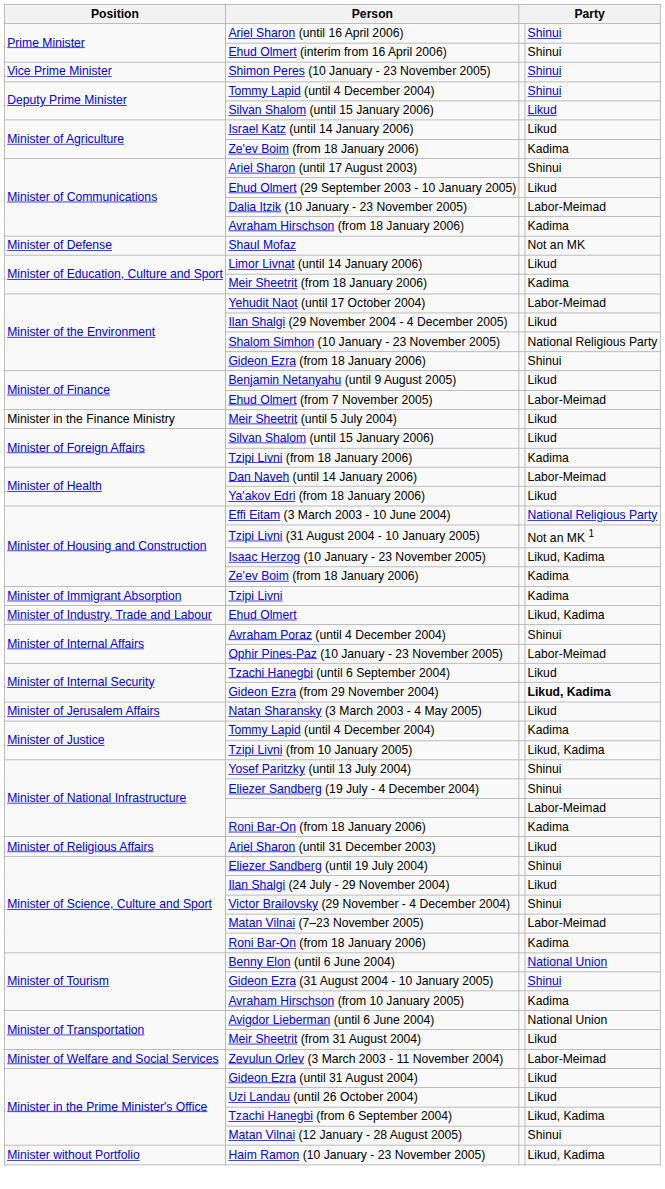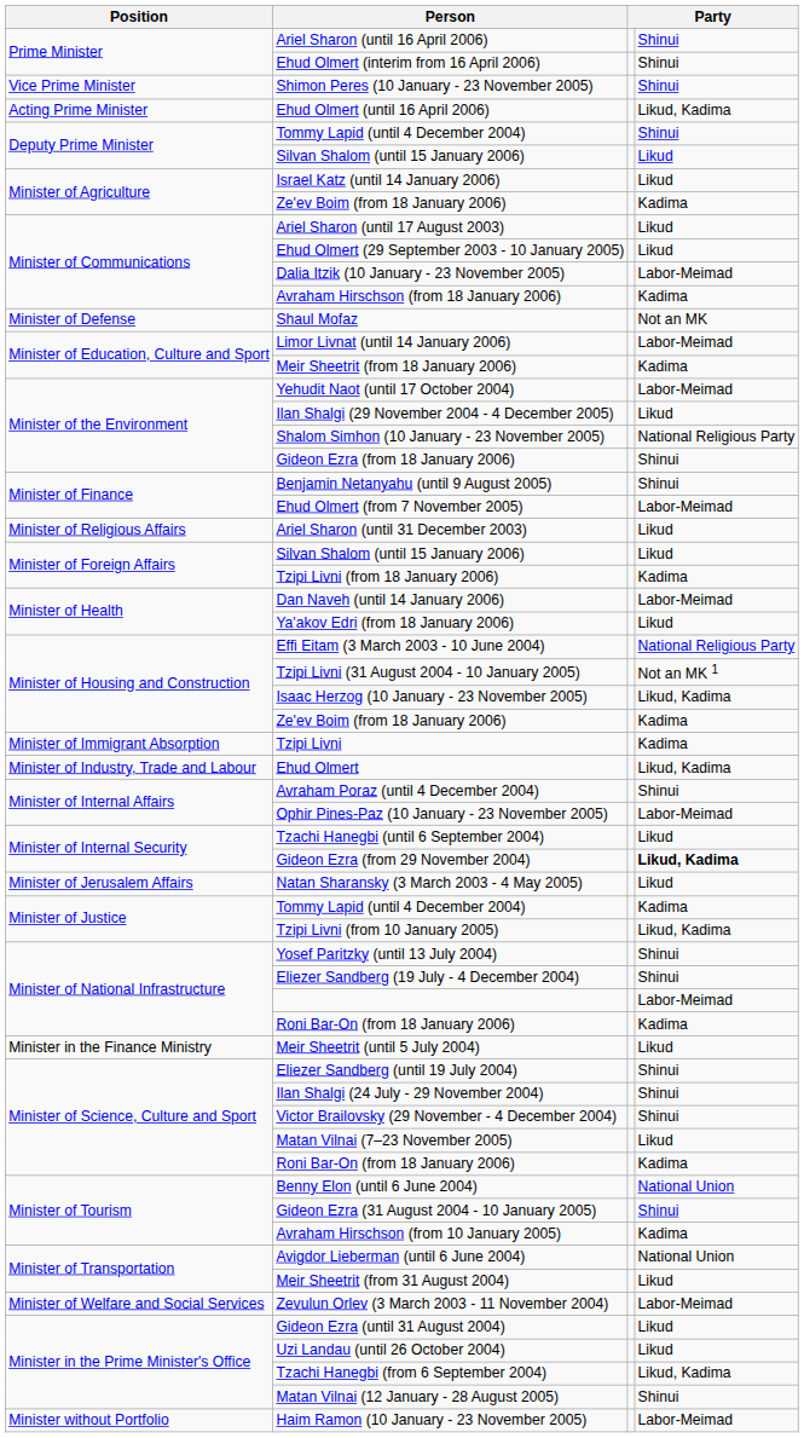 <table class=wikitable style="text-align:left">
 <tr>
 <th>Position</th>
 <th>Person</th>
 <th colspan=2>Party</th>
 </tr>
 <tr>
 <td rowspan=2><a href='#'>Prime Minister</a></td>
 <td><a href='#'>Ariel Sharon</a> (until 16 April 2006)</td>
 <td style="background:"></td>
 <td><a href='#'>Shinui</a></td>
 </tr>
 <tr>
 <td><a href='#'>Ehud Olmert</a> (interim from 16 April 2006)</td>
 <td style="background:"></td>
 <td>Shinui</td>
 </tr>
 <tr>
 <td><a href='#'>Vice Prime Minister</a></td>
 <td><a href='#'>Shimon Peres</a> (10 January - 23 November 2005)</td>
 <td style="background:"></td>
 <td><a href='#'>Shinui</a></td>
+</tr>
+<tr>
+<td><a href='#'>Acting Prime Minister</a></td>
+<td><a href='#'>Ehud Olmert</a> (until 16 April 2006)</td>
+<td style="background:"></td>
+<td>Likud, Kadima</td>
 </tr>
 <tr>
 <td rowspan=2><a href='#'>Deputy Prime Minister</a></td>
 <td><a href='#'>Tommy Lapid</a> (until 4 December 2004)</td>
 <td style="background:"></td>
 <td><a href='#'>Shinui</a></td>
 </tr>
 <tr>
 <td><a href='#'>Silvan Shalom</a> (until 15 January 2006)</td>
 <td style="background:"></td>
 <td><a href='#'>Likud</a></td>
 </tr>
 <tr>
 <td rowspan=2><a href='#'>Minister of Agriculture</a></td>
 <td><a href='#'>Israel Katz</a> (until 14 January 2006)</td>
 <td style="background:"></td>
 <td>Likud</td>
 </tr>
 <tr>
 <td><a href='#'>Ze'ev Boim</a> (from 18 January 2006)</td>
 <td style="background:"></td>
 <td>Kadima</td>
 </tr>
 <tr>
 <td rowspan=4><a href='#'>Minister of Communications</a></td>
 <td><a href='#'>Ariel Sharon</a> (until 17 August 2003)</td>
 <td style="background:"></td>
-<td>Shinui</td>
+<td>Likud</td>
 </tr>
 <tr>
 <td><a href='#'>Ehud Olmert</a> (29 September 2003 - 10 January 2005)</td>
 <td style="background:"></td>
 <td>Likud</td>
 </tr>
 <tr>
 <td><a href='#'>Dalia Itzik</a> (10 January - 23 November 2005)</td>
 <td style="background:"></td>
 <td>Labor-Meimad</td>
 </tr>
 <tr>
 <td><a href='#'>Avraham Hirschson</a> (from 18 January 2006)</td>
 <td style="background:"></td>
 <td>Kadima</td>
 </tr>
 <tr>
 <td><a href='#'>Minister of Defense</a></td>
 <td><a href='#'>Shaul Mofaz</a></td>
 <td style="background:"></td>
 <td>Not an MK</td>
 </tr>
 <tr>
 <td rowspan=2><a href='#'>Minister of Education, Culture and Sport</a></td>
 <td><a href='#'>Limor Livnat</a> (until 14 January 2006)</td>
 <td style="background:"></td>
-<td>Likud</td>
+<td>Labor-Meimad</td>
 </tr>
 <tr>
 <td><a href='#'>Meir Sheetrit</a> (from 18 January 2006)</td>
 <td style="background:"></td>
 <td>Kadima</td>
 </tr>
 <tr>
 <td rowspan=4><a href='#'>Minister of the Environment</a></td>
 <td><a href='#'>Yehudit Naot</a> (until 17 October 2004)</td>
 <td style="background:"></td>
 <td>Labor-Meimad</td>
 </tr>
 <tr>
 <td><a href='#'>Ilan Shalgi</a> (29 November 2004 - 4 December 2005)</td>
 <td style="background:"></td>
 <td>Likud</td>
 </tr>
 <tr>
 <td><a href='#'>Shalom Simhon</a> (10 January - 23 November 2005)</td>
 <td style="background:"></td>
 <td>National Religious Party</td>
 </tr>
 <tr>
 <td><a href='#'>Gideon Ezra</a> (from 18 January 2006)</td>
 <td style="background:"></td>
 <td>Shinui</td>
 </tr>
 <tr>
 <td rowspan=2><a href='#'>Minister of Finance</a></td>
 <td><a href='#'>Benjamin Netanyahu</a> (until 9 August 2005)</td>
 <td style="background:"></td>
-<td>Likud</td>
+<td>Shinui</td>
 </tr>
 <tr>
 <td><a href='#'>Ehud Olmert</a> (from 7 November 2005)</td>
 <td style="background:"></td>
 <td>Labor-Meimad</td>
 </tr>
 <tr>
-<td>Minister in the Finance Ministry</td>
-<td><a href='#'>Meir Sheetrit</a> (until 5 July 2004)</td>
+<td><a href='#'>Minister of Religious Affairs</a></td>
+<td><a href='#'>Ariel Sharon</a> (until 31 December 2003)</td>
 <td style="background:"></td>
 <td>Likud</td>
 </tr>
 <tr>
 <td rowspan=2><a href='#'>Minister of Foreign Affairs</a></td>
 <td><a href='#'>Silvan Shalom</a> (until 15 January 2006)</td>
 <td style="background:"></td>
 <td>Likud</td>
 </tr>
 <tr>
 <td><a href='#'>Tzipi Livni</a> (from 18 January 2006)</td>
 <td style="background:"></td>
 <td>Kadima</td>
 </tr>
 <tr>
 <td rowspan=2><a href='#'>Minister of Health</a></td>
 <td><a href='#'>Dan Naveh</a> (until 14 January 2006)</td>
 <td style="background:"></td>
 <td>Labor-Meimad</td>
 </tr>
 <tr>
 <td><a href='#'>Ya'akov Edri</a> (from 18 January 2006)</td>
 <td style="background:"></td>
 <td>Likud</td>
 </tr>
 <tr>
 <td rowspan=4><a href='#'>Minister of Housing and Construction</a></td>
 <td><a href='#'>Effi Eitam</a> (3 March 2003 - 10 June 2004)</td>
 <td style="background:"></td>
 <td><a href='#'>National Religious Party</a></td>
 </tr>
 <tr>
 <td><a href='#'>Tzipi Livni</a> (31 August 2004 - 10 January 2005)</td>
 <td style="background:"></td>
 <td>Not an MK <sup>1</sup></td>
 </tr>
 <tr>
 <td><a href='#'>Isaac Herzog</a> (10 January - 23 November 2005)</td>
 <td style="background:"></td>
 <td>Likud, Kadima</td>
 </tr>
 <tr>
 <td><a href='#'>Ze'ev Boim</a> (from 18 January 2006)</td>
 <td style="background:"></td>
 <td>Kadima</td>
 </tr>
 <tr>
 <td><a href='#'>Minister of Immigrant Absorption</a></td>
 <td><a href='#'>Tzipi Livni</a></td>
 <td style="background:"></td>
 <td>Kadima</td>
 </tr>
 <tr>
 <td><a href='#'>Minister of Industry, Trade and Labour</a></td>
 <td><a href='#'>Ehud Olmert</a></td>
 <td style="background:"></td>
 <td>Likud, Kadima</td>
 </tr>
 <tr>
 <td rowspan=2><a href='#'>Minister of Internal Affairs</a></td>
 <td><a href='#'>Avraham Poraz</a> (until 4 December 2004)</td>
 <td style="background:"></td>
 <td>Shinui</td>
 </tr>
 <tr>
 <td><a href='#'>Ophir Pines-Paz</a> (10 January - 23 November 2005)</td>
 <td style="background:"></td>
 <td>Labor-Meimad</td>
 </tr>
 <tr>
 <td rowspan=2><a href='#'>Minister of Internal Security</a></td>
 <td><a href='#'>Tzachi Hanegbi</a> (until 6 September 2004)</td>
 <td style="background:"></td>
 <td>Likud</td>
 </tr>
 <tr>
 <td><a href='#'>Gideon Ezra</a> (from 29 November 2004)</td>
 <td style="background:"></td>
 <td><strong>Likud, Kadima</strong></td>
 </tr>
 <tr>
 <td><a href='#'>Minister of Jerusalem Affairs</a></td>
 <td><a href='#'>Natan Sharansky</a> (3 March 2003 - 4 May 2005)</td>
 <td style="background:"></td>
 <td>Likud</td>
 </tr>
 <tr>
 <td rowspan=2><a href='#'>Minister of Justice</a></td>
 <td><a href='#'>Tommy Lapid</a> (until 4 December 2004)</td>
 <td style="background:"></td>
 <td>Kadima</td>
 </tr>
 <tr>
 <td><a href='#'>Tzipi Livni</a> (from 10 January 2005)</td>
 <td style="background:"></td>
 <td>Likud, Kadima</td>
 </tr>
 <tr>
 <td rowspan=4><a href='#'>Minister of National Infrastructure</a></td>
 <td><a href='#'>Yosef Paritzky</a> (until 13 July 2004)</td>
 <td style="background:"></td>
 <td>Shinui</td>
 </tr>
 <tr>
 <td><a href='#'>Eliezer Sandberg</a> (19 July - 4 December 2004)</td>
 <td style="background:"></td>
 <td>Shinui</td>
 </tr>
 <tr>
 <td></td>
 <td style="background:"></td>
 <td>Labor-Meimad</td>
 </tr>
 <tr>
 <td><a href='#'>Roni Bar-On</a> (from 18 January 2006)</td>
 <td style="background:"></td>
 <td>Kadima</td>
 </tr>
 <tr>
-<td><a href='#'>Minister of Religious Affairs</a></td>
-<td><a href='#'>Ariel Sharon</a> (until 31 December 2003)</td>
+<td>Minister in the Finance Ministry</td>
+<td><a href='#'>Meir Sheetrit</a> (until 5 July 2004)</td>
 <td style="background:"></td>
 <td>Likud</td>
 </tr>
 <tr>
 <td rowspan=5><a href='#'>Minister of Science, Culture and Sport</a></td>
 <td><a href='#'>Eliezer Sandberg</a> (until 19 July 2004)</td>
 <td style="background:"></td>
 <td>Shinui</td>
 </tr>
 <tr>
 <td><a href='#'>Ilan Shalgi</a> (24 July - 29 November 2004)</td>
 <td style="background:"></td>
-<td>Likud</td>
+<td>Shinui</td>
 </tr>
 <tr>
 <td><a href='#'>Victor Brailovsky</a> (29 November - 4 December 2004)</td>
 <td style="background:"></td>
 <td>Shinui</td>
 </tr>
 <tr>
 <td><a href='#'>Matan Vilnai</a> (7–23 November 2005)</td>
 <td style="background:"></td>
-<td>Labor-Meimad</td>
+<td>Likud</td>
 </tr>
 <tr>
 <td><a href='#'>Roni Bar-On</a> (from 18 January 2006)</td>
 <td style="background:"></td>
 <td>Kadima</td>
 </tr>
 <tr>
 <td rowspan=3><a href='#'>Minister of Tourism</a></td>
 <td><a href='#'>Benny Elon</a> (until 6 June 2004)</td>
 <td style="background:"></td>
 <td><a href='#'>National Union</a></td>
 </tr>
 <tr>
 <td><a href='#'>Gideon Ezra</a> (31 August 2004 - 10 January 2005)</td>
 <td style="background:"></td>
 <td><a href='#'>Shinui</a></td>
 </tr>
 <tr>
 <td><a href='#'>Avraham Hirschson</a> (from 10 January 2005)</td>
 <td style="background:"></td>
 <td>Kadima</td>
 </tr>
 <tr>
 <td rowspan=2><a href='#'>Minister of Transportation</a></td>
 <td><a href='#'>Avigdor Lieberman</a> (until 6 June 2004)</td>
 <td style="background:"></td>
 <td>National Union</td>
 </tr>
 <tr>
 <td><a href='#'>Meir Sheetrit</a> (from 31 August 2004)</td>
 <td style="background:"></td>
 <td>Likud</td>
 </tr>
 <tr>
 <td><a href='#'>Minister of Welfare and Social Services</a></td>
 <td><a href='#'>Zevulun Orlev</a> (3 March 2003 - 11 November 2004)</td>
 <td style="background:"></td>
 <td>Labor-Meimad</td>
 </tr>
 <tr>
 <td rowspan=4><a href='#'>Minister in the Prime Minister's Office</a></td>
 <td><a href='#'>Gideon Ezra</a> (until 31 August 2004)</td>
 <td style="background:"></td>
 <td>Likud</td>
 </tr>
 <tr>
 <td><a href='#'>Uzi Landau</a> (until 26 October 2004)</td>
 <td style="background:"></td>
 <td>Likud</td>
 </tr>
 <tr>
 <td><a href='#'>Tzachi Hanegbi</a> (from 6 September 2004)</td>
 <td style="background:"></td>
 <td>Likud, Kadima</td>
 </tr>
 <tr>
 <td><a href='#'>Matan Vilnai</a> (12 January - 28 August 2005)</td>
 <td style="background:"></td>
 <td>Shinui</td>
 </tr>
 <tr>
 <td><a href='#'>Minister without Portfolio</a></td>
 <td><a href='#'>Haim Ramon</a> (10 January - 23 November 2005)</td>
 <td style="background:"></td>
-<td>Likud, Kadima</td>
+<td>Labor-Meimad</td>
 </tr>
 </table>
